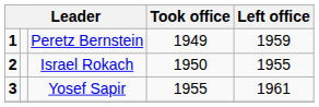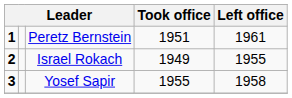 <table class="wikitable" style="text-align: center;">
 <tr>
 <th colspan="3">Leader</th>
 <th>Took office</th>
 <th>Left office</th>
 </tr>
 <tr>
 <td style="background: "><strong>1</strong></td>
 <td></td>
 <td><a href='#'>Peretz Bernstein</a></td>
-<td>1949</td>
-<td>1959</td>
+<td>1951</td>
+<td>1961</td>
 </tr>
 <tr>
 <td style="background: "><strong>2</strong></td>
 <td></td>
 <td><a href='#'>Israel Rokach</a></td>
-<td>1950</td>
+<td>1949</td>
 <td>1955</td>
 </tr>
 <tr>
 <td style="background: "><strong>3</strong></td>
 <td></td>
 <td><a href='#'>Yosef Sapir</a></td>
 <td>1955</td>
-<td>1961</td>
+<td>1958</td>
 </tr>
 <tr>
 </tr>
 </table>
